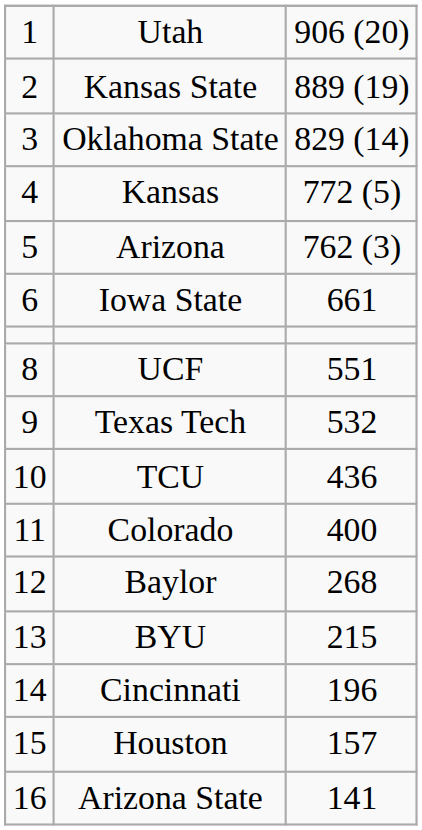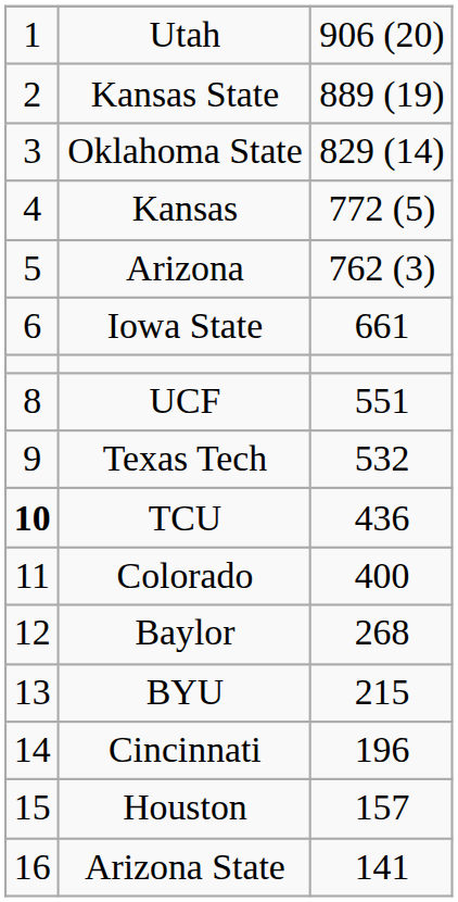 <table class="wikitable" style="display: inline-table;">
 <tr align="center">
 </tr>
 <tr align="center">
 <td>1</td>
 <td>Utah</td>
 <td>906 (20)</td>
 </tr>
 <tr align="center">
 <td>2</td>
 <td>Kansas State</td>
 <td>889 (19)</td>
 </tr>
 <tr align="center">
 <td>3</td>
 <td>Oklahoma State</td>
 <td>829 (14)</td>
 </tr>
 <tr align="center">
 <td>4</td>
 <td>Kansas</td>
 <td>772 (5)</td>
 </tr>
 <tr align="center">
 <td>5</td>
 <td>Arizona</td>
 <td>762 (3)</td>
 </tr>
 <tr align="center">
 <td>6</td>
 <td>Iowa State</td>
 <td>661</td>
 </tr>
 <tr align="center">
 <td style=><strong></strong></td>
 <td style=><strong></strong></td>
 <td style=><strong></strong></td>
 </tr>
 <tr align="center">
 <td>8</td>
 <td>UCF</td>
 <td>551</td>
 </tr>
 <tr align="center">
 <td>9</td>
 <td>Texas Tech</td>
 <td>532</td>
 </tr>
 <tr align="center">
-<td>10</td>
+<td><strong>10</strong></td>
 <td>TCU</td>
 <td>436</td>
 </tr>
 <tr align="center">
 <td>11</td>
 <td>Colorado</td>
 <td>400</td>
 </tr>
 <tr align="center">
 <td>12</td>
 <td>Baylor</td>
 <td>268</td>
 </tr>
 <tr align="center">
 <td>13</td>
 <td>BYU</td>
 <td>215</td>
 </tr>
 <tr align="center">
 <td>14</td>
 <td>Cincinnati</td>
 <td>196</td>
 </tr>
 <tr align="center">
 <td>15</td>
 <td>Houston</td>
 <td>157</td>
 </tr>
 <tr align="center">
 <td>16</td>
 <td>Arizona State</td>
 <td>141</td>
 </tr>
 </table>
